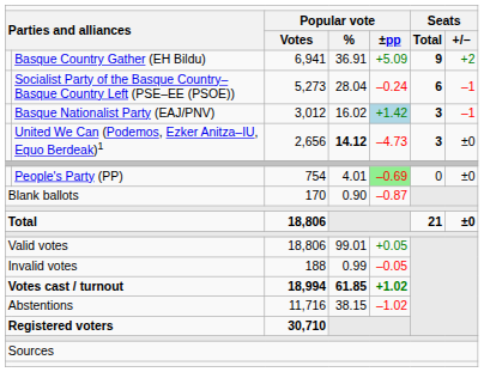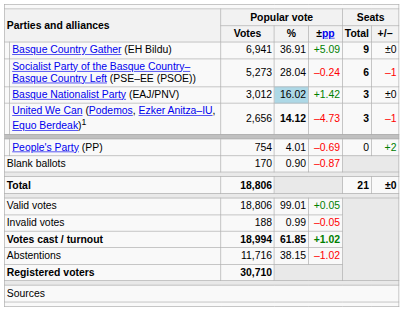 <table class="wikitable" style="text-align:right;">
 <tr>
 <td colspan="7"></td>
 </tr>
 <tr>
 <th style="text-align:left;" rowspan="2" colspan="2" width="525">Parties and alliances</th>
 <th colspan="3">Popular vote</th>
 <th colspan="2">Seats</th>
 </tr>
 <tr>
 <th width="75">Votes</th>
 <th width="45">%</th>
 <th width="45">±<a href='#'>pp</a></th>
 <th width="35">Total</th>
 <th width="35">+/−</th>
 </tr>
 <tr>
 <td width="1" style="color:inherit;background:"></td>
 <td align="left"><a href='#'>Basque Country Gather</a> (EH Bildu)</td>
 <td>6,941</td>
 <td>36.91</td>
 <td style="color:green;">+5.09</td>
 <td><strong>9</strong></td>
-<td style="color:green;">+2</td>
+<td>±0</td>
 </tr>
 <tr>
 <td style="color:inherit;background:"></td>
 <td align="left"><a href='#'>Socialist Party of the Basque Country–Basque Country Left</a> (PSE–EE (PSOE))</td>
 <td>5,273</td>
 <td>28.04</td>
 <td style="color:red;">–0.24</td>
 <td><strong>6</strong></td>
 <td style="color:red;">–1</td>
 </tr>
 <tr>
 <td style="color:inherit;background:"></td>
 <td align="left"><a href='#'>Basque Nationalist Party</a> (EAJ/PNV)</td>
 <td>3,012</td>
-<td>16.02</td>
-<td style="background: lightblue; color:green;">+1.42</td>
+<td style="background: lightblue;">16.02</td>
+<td style="color:green;">+1.42</td>
 <td><strong>3</strong></td>
-<td style="color:red;">–1</td>
+<td>±0</td>
 </tr>
 <tr>
 <td style="color:inherit;background:"></td>
 <td align="left"><a href='#'>United We Can</a> (<a href='#'>Podemos</a>, <a href='#'>Ezker Anitza–IU</a>, <a href='#'>Equo Berdeak</a>)<sup>1</sup></td>
 <td>2,656</td>
 <td><strong>14.12</strong></td>
 <td style="color:red;">–4.73</td>
 <td><strong>3</strong></td>
-<td>±0</td>
+<td style="color:red;">–1</td>
 </tr>
 <tr>
 <td colspan="7" bgcolor="#C0C0C0"></td>
 </tr>
 <tr>
 <td style="color:inherit;background:"></td>
 <td align="left"><a href='#'>People's Party</a> (PP)</td>
 <td>754</td>
 <td>4.01</td>
-<td style="background: lightgreen; color:red;">–0.69</td>
+<td style="color:red;">–0.69</td>
 <td>0</td>
-<td>±0</td>
+<td style="color:green;">+2</td>
 </tr>
 <tr>
 <td align="left" colspan="2">Blank ballots</td>
 <td>170</td>
 <td>0.90</td>
 <td style="color:red;">–0.87</td>
 <td bgcolor="#E9E9E9" colspan="2"></td>
 </tr>
 <tr>
 <td colspan="7" bgcolor="#E9E9E9"></td>
 </tr>
 <tr style="font-weight:bold;">
 <td align="left" colspan="2">Total</td>
 <td>18,806</td>
 <td bgcolor="#E9E9E9" colspan="2"></td>
 <td>21</td>
 <td>±0</td>
 </tr>
 <tr>
 <td colspan="7" bgcolor="#E9E9E9"></td>
 </tr>
 <tr>
 <td align="left" colspan="2">Valid votes</td>
 <td>18,806</td>
 <td>99.01</td>
 <td style="color:green;">+0.05</td>
 <td bgcolor="#E9E9E9" colspan="2" rowspan="5"></td>
 </tr>
 <tr>
 <td align="left" colspan="2">Invalid votes</td>
 <td>188</td>
 <td>0.99</td>
 <td style="color:red;">–0.05</td>
 </tr>
 <tr style="font-weight:bold;">
 <td align="left" colspan="2">Votes cast / turnout</td>
 <td>18,994</td>
 <td>61.85</td>
 <td style="color:green;">+1.02</td>
 </tr>
 <tr>
 <td align="left" colspan="2">Abstentions</td>
 <td>11,716</td>
 <td>38.15</td>
 <td style="color:red;">–1.02</td>
 </tr>
 <tr style="font-weight:bold;">
 <td align="left" colspan="2">Registered voters</td>
 <td>30,710</td>
 <td bgcolor="#E9E9E9" colspan="2"></td>
 </tr>
 <tr>
 <td colspan="7" bgcolor="#E9E9E9"></td>
 </tr>
 <tr>
 <td align="left" colspan="7">Sources</td>
 </tr>
 <tr>
 <td colspan="7" style="text-align:left; max-width:790px;"></td>
 </tr>
 </table>
